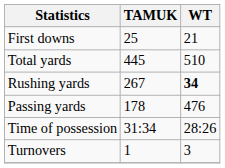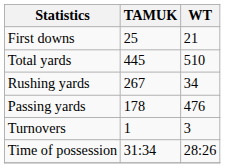 <table class="wikitable">
 <tr>
 <th>Statistics</th>
 <th>TAMUK</th>
 <th>WT</th>
 </tr>
 <tr>
 <td>First downs</td>
 <td>25</td>
 <td>21</td>
 </tr>
 <tr>
 <td>Total yards</td>
 <td>445</td>
 <td>510</td>
 </tr>
 <tr>
 <td>Rushing yards</td>
 <td>267</td>
-<td><strong>34</strong></td>
+<td>34</td>
 </tr>
 <tr>
 <td>Passing yards</td>
 <td>178</td>
 <td>476</td>
 </tr>
 <tr>
+<td>Turnovers</td>
+<td>1</td>
+<td>3</td>
+</tr>
+<tr>
 <td>Time of possession</td>
 <td>31:34</td>
 <td>28:26</td>
 </tr>
 <tr>
-<td>Turnovers</td>
-<td>1</td>
-<td>3</td>
-</tr>
-<tr>
 </tr>
 </table>
